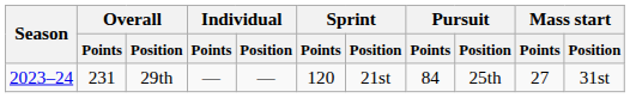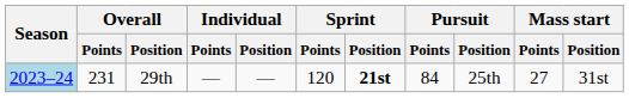 <table class="wikitable" style="text-align:center;">
 <tr>
 <th rowspan="2">Season</th>
 <th colspan="2">Overall</th>
 <th colspan="2">Individual</th>
 <th colspan="2">Sprint</th>
 <th colspan="2">Pursuit</th>
 <th colspan="2">Mass start</th>
 </tr>
 <tr>
 <th><small>Points</small></th>
 <th><small>Position</small></th>
 <th><small>Points</small></th>
 <th><small>Position</small></th>
 <th><small>Points</small></th>
 <th><small>Position</small></th>
 <th><small>Points</small></th>
 <th><small>Position</small></th>
 <th><small>Points</small></th>
 <th><small>Position</small></th>
 </tr>
 <tr>
-<td><a href='#'>2023–24</a></td>
+<td style="background: lightblue;"><a href='#'>2023–24</a></td>
 <td>231</td>
 <td>29th</td>
 <td>—</td>
 <td>—</td>
 <td>120</td>
-<td>21st</td>
+<td><strong>21st</strong></td>
 <td>84</td>
 <td>25th</td>
 <td>27</td>
 <td>31st</td>
 </tr>
 </table>
